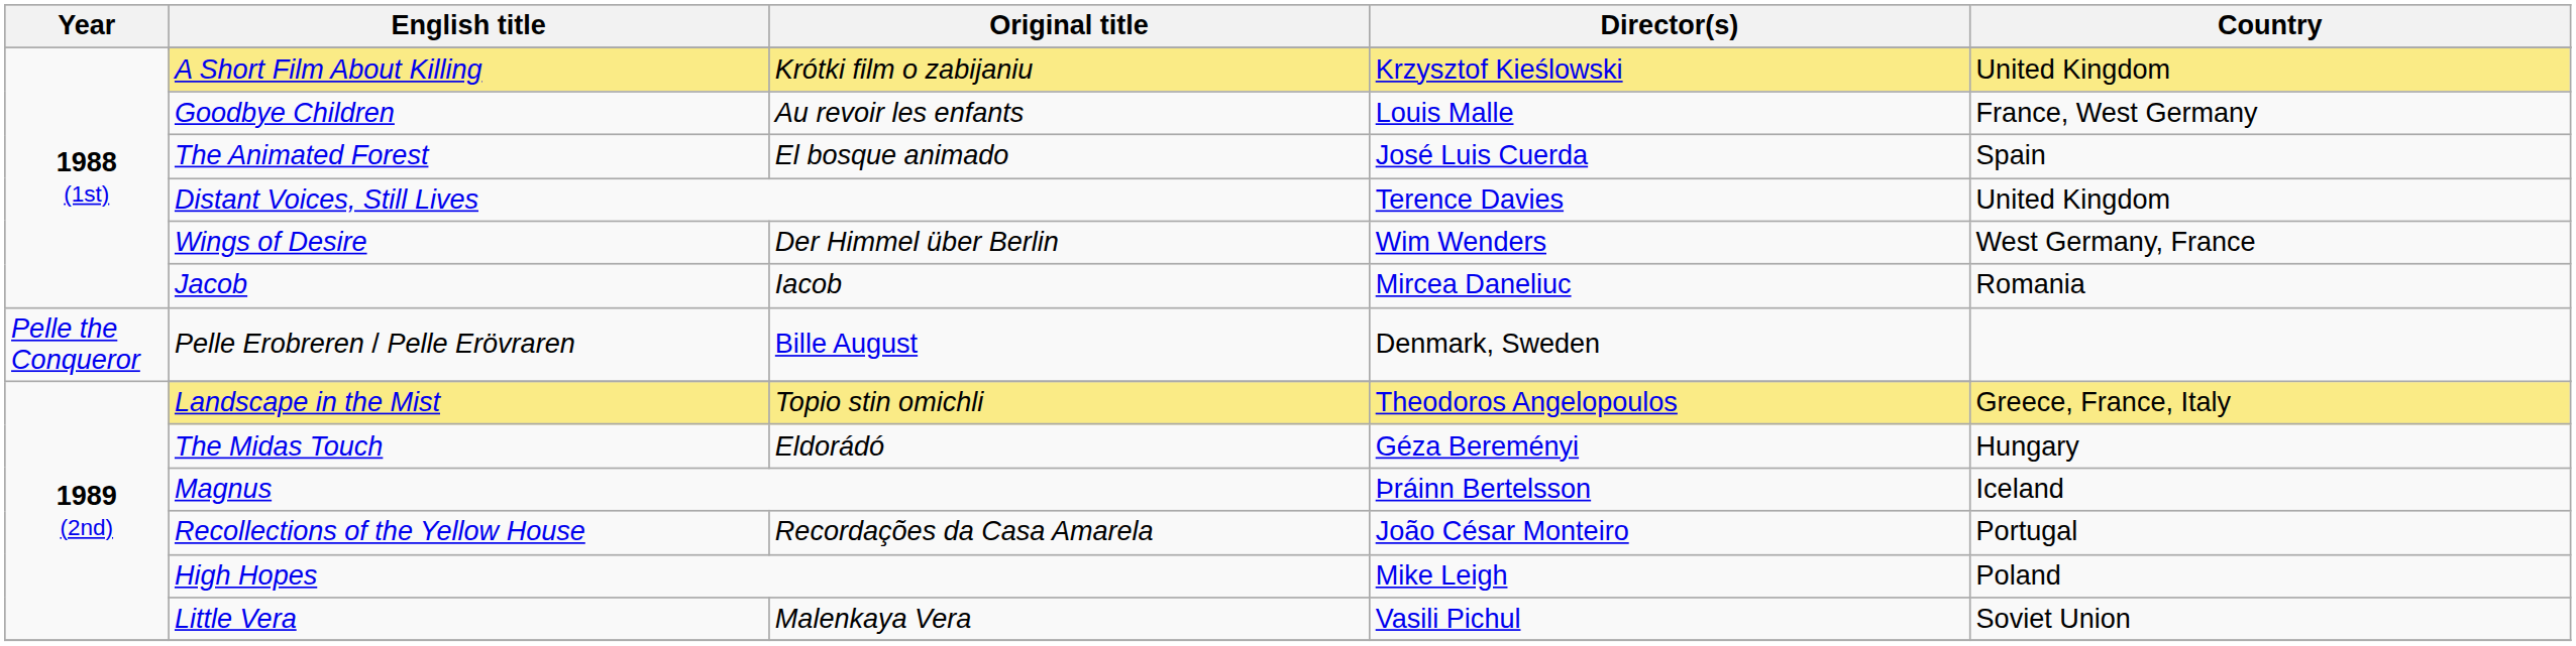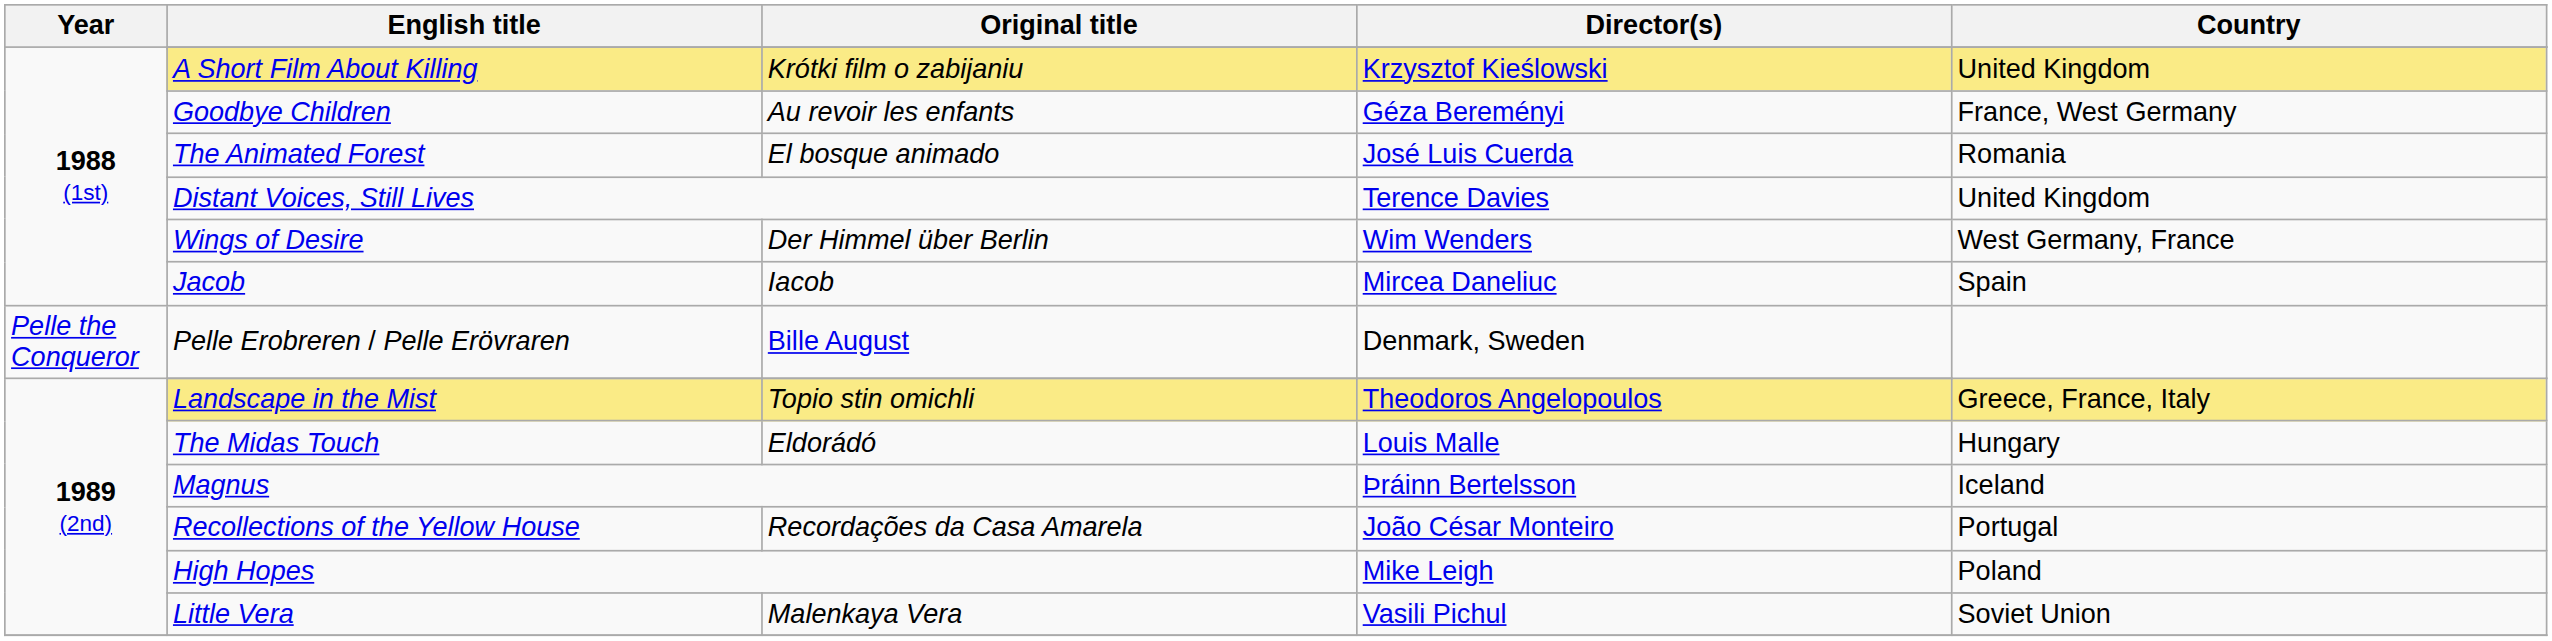 <table class="sortable wikitable" width="95%">
 <tr>
 <th width="5%">Year</th>
 <th width="20%">English title</th>
 <th width="20%">Original title</th>
 <th width="20%">Director(s)</th>
 <th width="20%">Country</th>
 </tr>
 <tr>
 <td rowspan="8" align="center"><strong>1988</strong><br><small><a href='#'>(1st)</a></small></td>
 </tr>
 <tr>
 </tr>
 <tr style="background:#FAEB86">
 <td><em><a href='#'>A Short Film About Killing</a></em></td>
 <td><em>Krótki film o zabijaniu</em></td>
 <td><a href='#'>Krzysztof Kieślowski</a></td>
 <td>United Kingdom</td>
 </tr>
 <tr>
 <td><em><a href='#'>Goodbye Children</a></em></td>
 <td><em>Au revoir les enfants</em></td>
-<td><a href='#'>Louis Malle</a></td>
+<td><a href='#'>Géza Bereményi</a></td>
 <td>France, West Germany</td>
 </tr>
 <tr>
 <td><em><a href='#'>The Animated Forest</a></em></td>
 <td><em>El bosque animado</em></td>
 <td><a href='#'>José Luis Cuerda</a></td>
-<td>Spain</td>
+<td>Romania</td>
 </tr>
 <tr>
 <td colspan="2"><em><a href='#'>Distant Voices, Still Lives</a></em></td>
 <td><a href='#'>Terence Davies</a></td>
 <td>United Kingdom</td>
 </tr>
 <tr>
 <td><em><a href='#'>Wings of Desire</a></em></td>
 <td><em>Der Himmel über Berlin</em></td>
 <td><a href='#'>Wim Wenders</a></td>
 <td>West Germany, France</td>
 </tr>
 <tr>
 <td><em><a href='#'>Jacob</a></em></td>
 <td><em>Iacob</em></td>
 <td><a href='#'>Mircea Daneliuc</a></td>
-<td>Romania</td>
+<td>Spain</td>
 </tr>
 <tr>
 <td><em><a href='#'>Pelle the Conqueror</a></em></td>
 <td><em>Pelle Erobreren</em> / <em>Pelle Erövraren</em></td>
 <td><a href='#'>Bille August</a></td>
 <td>Denmark, Sweden</td>
 </tr>
 <tr>
 <td rowspan="7" align="center"><strong>1989</strong><br><small><a href='#'>(2nd)</a></small></td>
 </tr>
 <tr style="background:#FAEB86">
 <td><em><a href='#'>Landscape in the Mist</a></em></td>
 <td><em>Topio stin omichli</em></td>
 <td><a href='#'>Theodoros Angelopoulos</a></td>
 <td>Greece, France, Italy</td>
 </tr>
 <tr>
 <td><em><a href='#'>The Midas Touch</a></em></td>
 <td><em>Eldorádó</em></td>
-<td><a href='#'>Géza Bereményi</a></td>
+<td><a href='#'>Louis Malle</a></td>
 <td>Hungary</td>
 </tr>
 <tr>
 <td colspan="2"><em><a href='#'>Magnus</a></em></td>
 <td><a href='#'>Þráinn Bertelsson</a></td>
 <td>Iceland</td>
 </tr>
 <tr>
 <td><em><a href='#'>Recollections of the Yellow House</a></em></td>
 <td><em>Recordações da Casa Amarela</em></td>
 <td><a href='#'>João César Monteiro</a></td>
 <td>Portugal</td>
 </tr>
 <tr>
 <td colspan="2"><em><a href='#'>High Hopes</a></em></td>
 <td><a href='#'>Mike Leigh</a></td>
 <td>Poland</td>
 </tr>
 <tr>
 <td><em><a href='#'>Little Vera</a></em></td>
 <td><em>Malenkaya Vera</em></td>
 <td><a href='#'>Vasili Pichul</a></td>
 <td>Soviet Union</td>
 </tr>
 <tr>
 </tr>
 </table>
